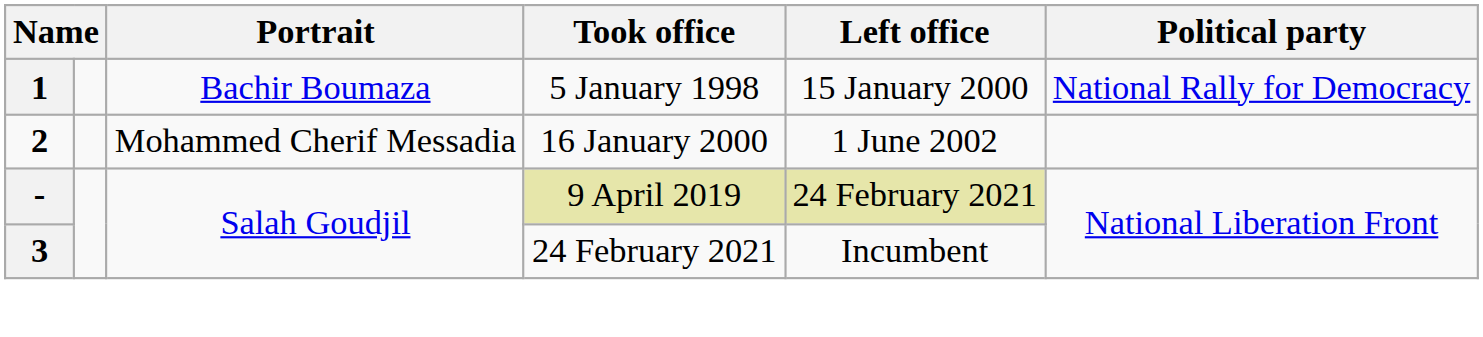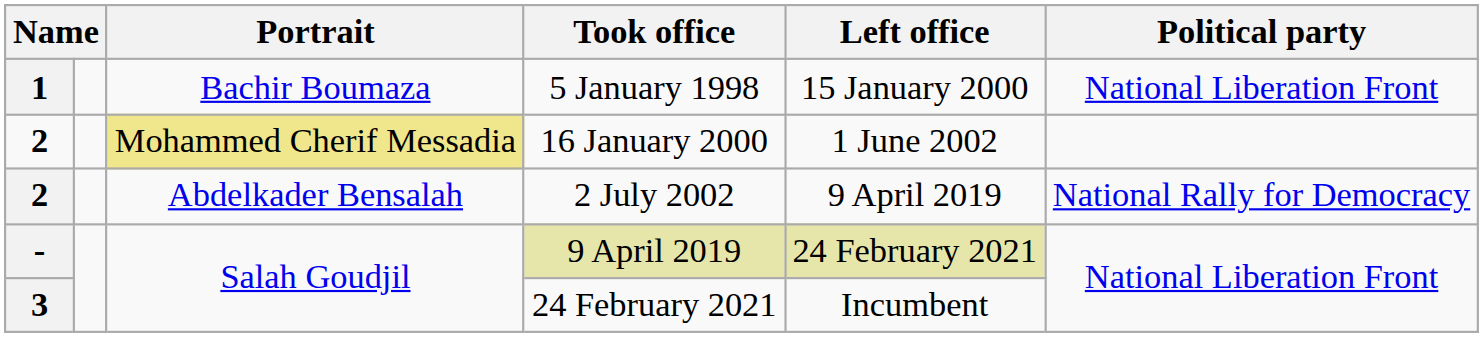 <table class="wikitable" style="text-align:center">
 <tr>
 <th colspan=2>Name</th>
 <th>Portrait</th>
 <th>Took office</th>
 <th>Left office</th>
 <th>Political party</th>
 </tr>
 <tr>
 <th style="background-color:">1</th>
 <td></td>
 <td><a href='#'>Bachir Boumaza</a></td>
 <td>5 January 1998</td>
 <td>15 January 2000</td>
-<td><a href='#'>National Rally for Democracy</a></td>
+<td><a href='#'>National Liberation Front</a></td>
 </tr>
 <tr>
 <td><strong>2</strong></td>
 <td></td>
-<td>Mohammed Cherif Messadia</td>
+<td style="background: khaki;">Mohammed Cherif Messadia</td>
 <td>16 January 2000</td>
 <td>1 June 2002</td>
 <td></td>
+</tr>
+<tr>
+<th style="background-color:">2</th>
+<td></td>
+<td><a href='#'>Abdelkader Bensalah</a></td>
+<td>2 July 2002</td>
+<td>9 April 2019</td>
+<td><a href='#'>National Rally for Democracy</a></td>
 </tr>
 <tr>
 <th style="background-color:">-</th>
 <td rowspan="2"></td>
 <td rowspan="2"><a href='#'>Salah Goudjil</a></td>
 <td style="background:#e6e6aa;">9 April 2019</td>
 <td style="background:#e6e6aa;">24 February 2021</td>
 <td rowspan="2"><a href='#'>National Liberation Front</a></td>
 </tr>
 <tr>
 <th style="background-color:">3</th>
 <td>24 February 2021</td>
 <td>Incumbent</td>
 </tr>
 </table>
